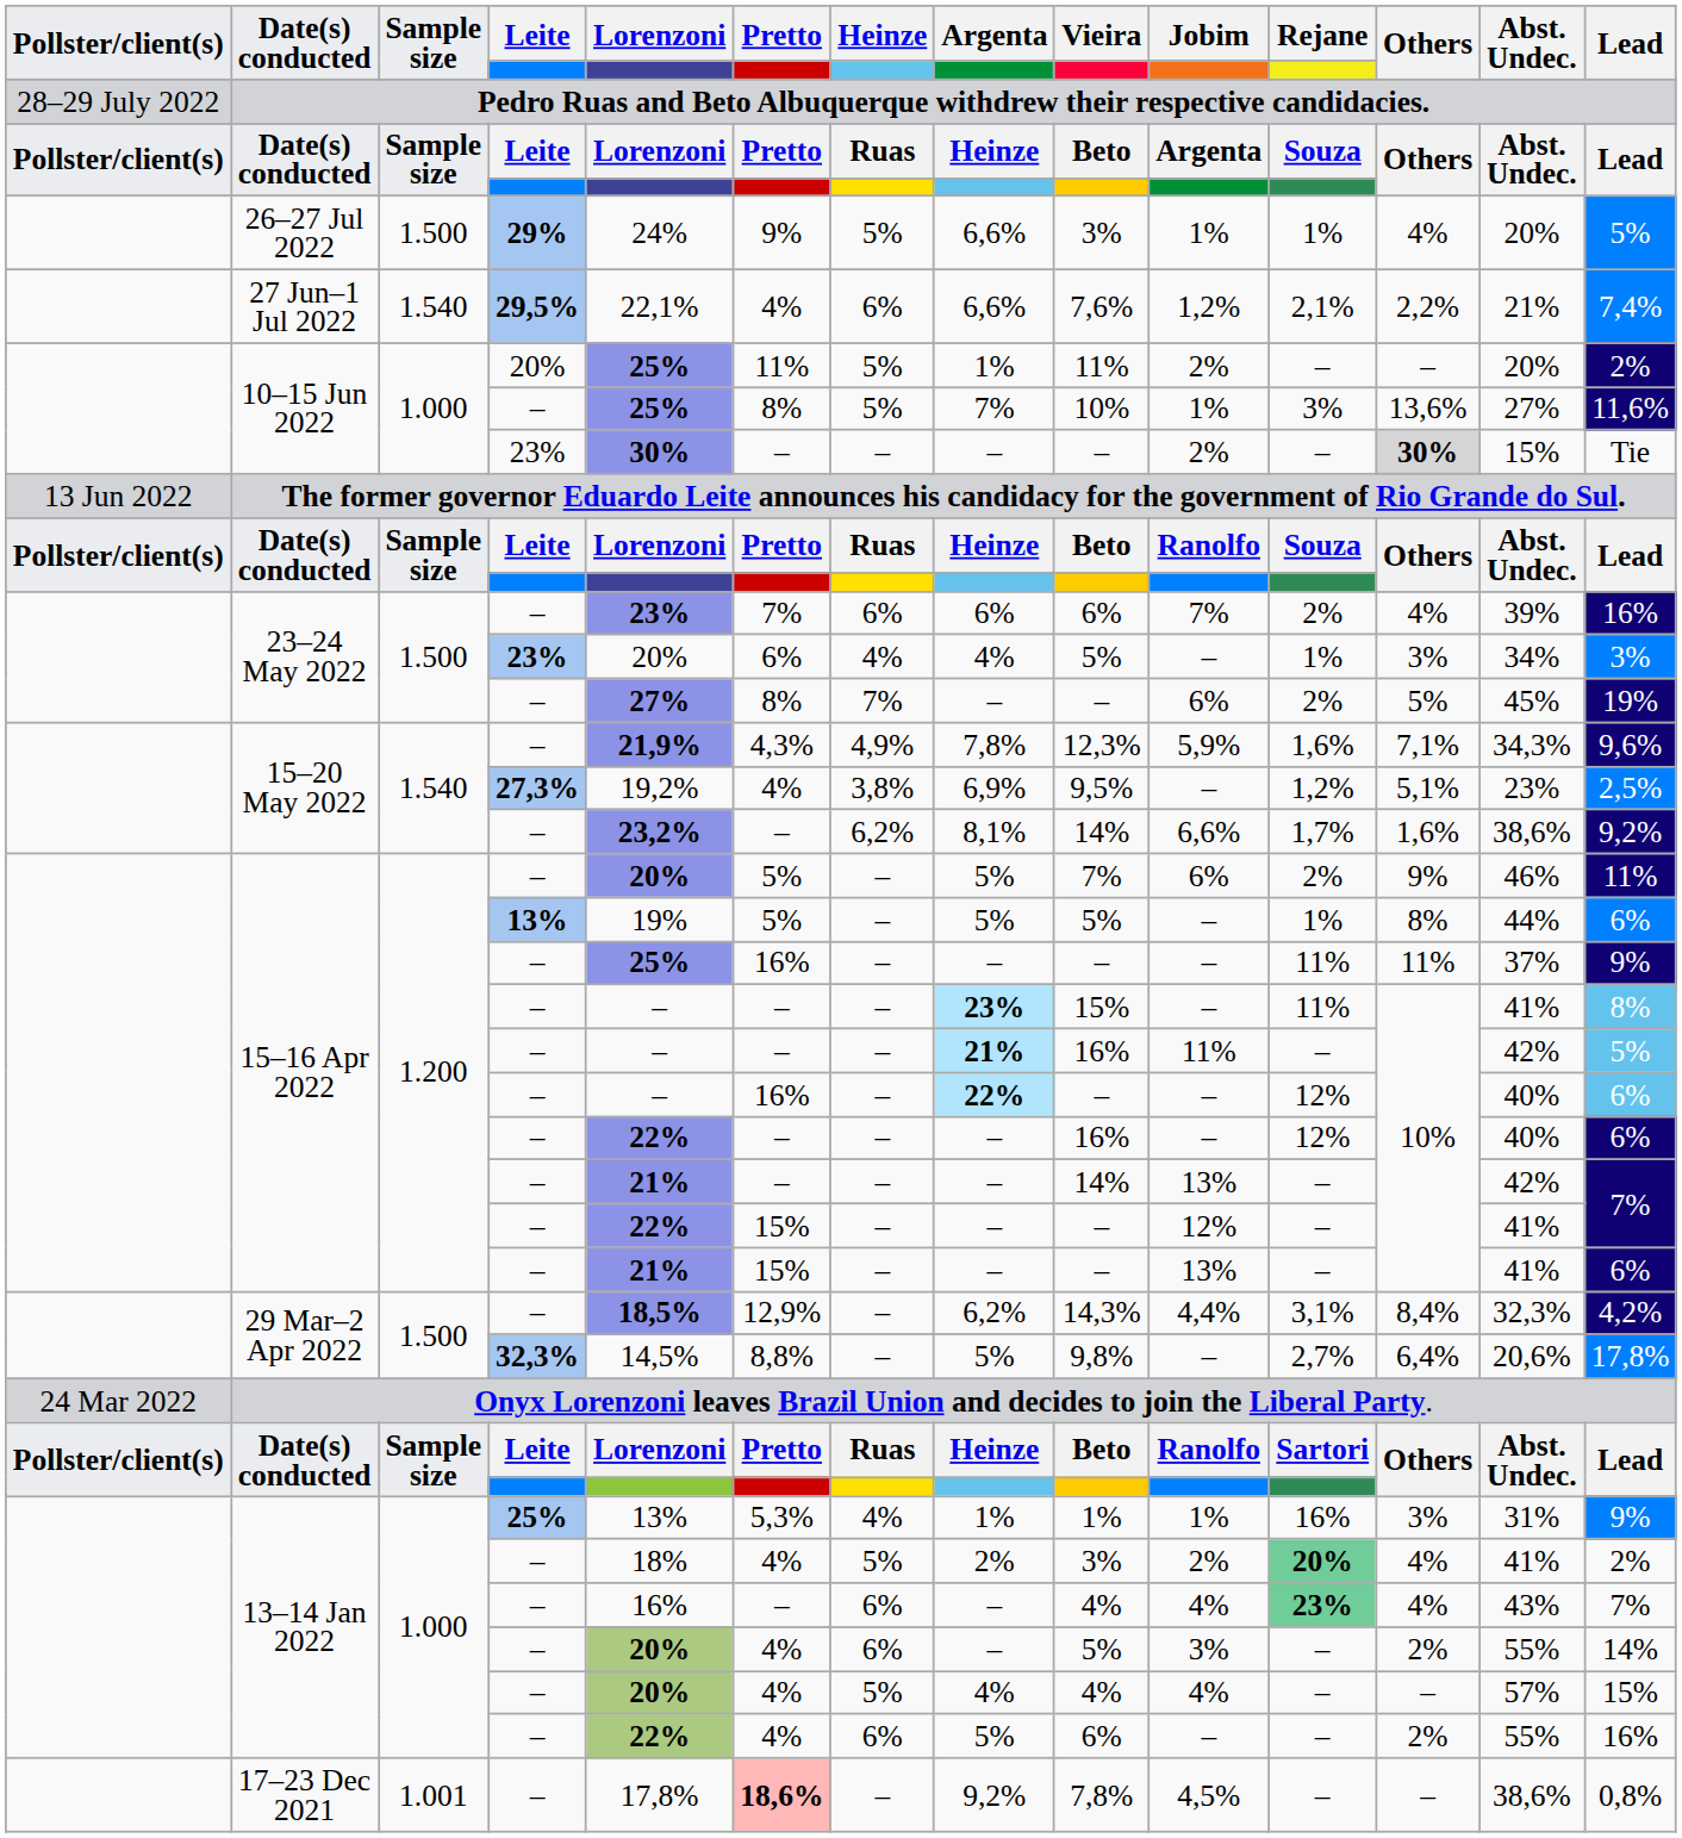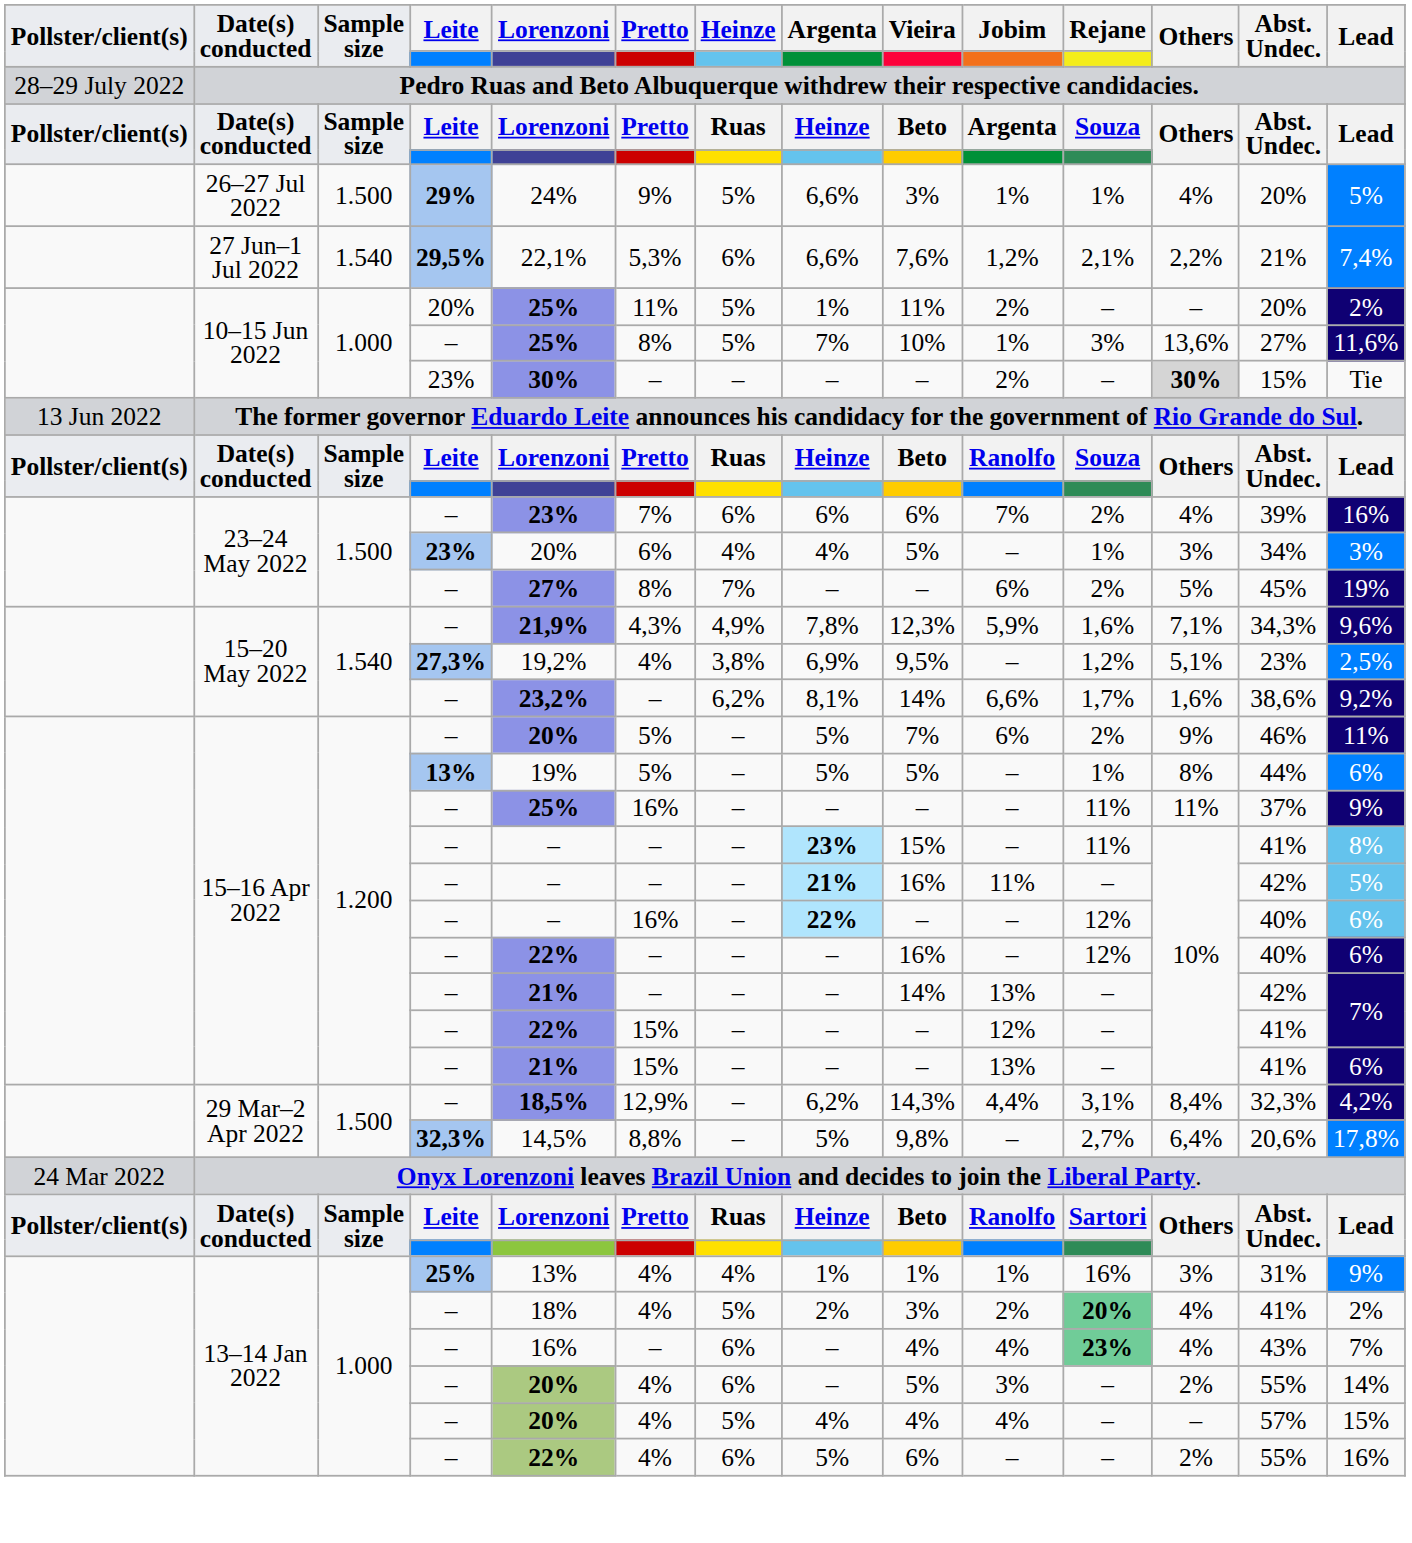 <table class="wikitable sortable" style="text-align:center;font-size:90%;line-height:14px;">
 <tr>
 <td rowspan="2" class="unsortable" style="width:50px;background:#eaecf0;"><strong>Pollster/client(s)</strong></td>
 <td rowspan="2" class="unsortable" style="width:50px;background:#eaecf0;"><strong>Date(s)<br>conducted</strong></td>
 <td rowspan="2" class="unsortable" style="width:50px;background:#eaecf0;"><strong>Sample<br> size</strong></td>
 <th class="unsortable" style="width:50px;"><a href='#'>Leite</a><br></th>
 <th class="unsortable" style="width:50px;"><a href='#'>Lorenzoni</a><br></th>
 <th class="unsortable" style="width:50px;"><a href='#'>Pretto</a><br></th>
 <th class="unsortable" style="width:50px;"><a href='#'>Heinze</a><br></th>
 <th class="unsortable" style="width:50px;">Argenta<br></th>
 <th class="unsortable" style="width:50px;">Vieira<br></th>
 <th class="unsortable" style="width:50px;">Jobim<br></th>
 <th class="unsortable" style="width:50px;">Rejane<br></th>
 <th rowspan="2" class="unsortable">Others</th>
 <th rowspan="2" class="unsortable">Abst.<br>Undec.</th>
 <th rowspan="2" class="unsortable">Lead</th>
 </tr>
 <tr>
 <th data-sort-type="number" class="sortable" style="background:#0080FF;"></th>
 <th data-sort-type="number" class="sortable" style="background:#3F4196;"></th>
 <th data-sort-type="number" class="sortable" style="background:#CC0000;"></th>
 <th data-sort-type="number" class="sortable" style="background:#64C3ED;"></th>
 <th data-sort-type="number" class="sortable" style="background:#009038;"></th>
 <th data-sort-type="number" class="sortable" style="background:#FD013A;"></th>
 <th data-sort-type="number" class="sortable" style="background:#f3701b;"></th>
 <th data-sort-type="number" class="sortable" style="background:#f4ed1b;"></th>
 </tr>
 <tr>
 <td style="background:#d1d3d7;">28–29 July 2022</td>
 <td colspan="13" style="background:#d1d3d7;"><strong>Pedro Ruas and Beto Albuquerque withdrew their respective candidacies.</strong> </td>
 </tr>
 <tr>
 <td rowspan="2" class="unsortable" style="width:50px;background:#eaecf0;"><strong>Pollster/client(s)</strong></td>
 <td rowspan="2" class="unsortable" style="width:50px;background:#eaecf0;"><strong>Date(s)<br>conducted</strong></td>
 <td rowspan="2" class="unsortable" style="width:50px;background:#eaecf0;"><strong>Sample<br> size</strong></td>
 <th class="unsortable" style="width:50px;"><a href='#'>Leite</a><br></th>
 <th class="unsortable" style="width:50px;"><a href='#'>Lorenzoni</a><br></th>
 <th class="unsortable" style="width:50px;"><a href='#'>Pretto</a><br></th>
 <th class="unsortable" style="width:50px;">Ruas<br></th>
 <th class="unsortable" style="width:50px;"><a href='#'>Heinze</a><br></th>
 <th class="unsortable" style="width:50px;">Beto<br></th>
 <th class="unsortable" style="width:50px;">Argenta<br></th>
 <th class="unsortable" style="width:50px;"><a href='#'>Souza</a><br></th>
 <th rowspan="2" class="unsortable">Others</th>
 <th rowspan="2" class="unsortable">Abst.<br>Undec.</th>
 <th rowspan="2" class="unsortable">Lead</th>
 </tr>
 <tr>
 <th data-sort-type="number" class="sortable" style="background:#0080FF;"></th>
 <th data-sort-type="number" class="sortable" style="background:#3F4196;"></th>
 <th data-sort-type="number" class="sortable" style="background:#CC0000;"></th>
 <th data-sort-type="number" class="sortable" style="background:#FFE000;"></th>
 <th data-sort-type="number" class="sortable" style="background:#64C3ED;"></th>
 <th data-sort-type="number" class="sortable" style="background:#ffcc00;"></th>
 <th data-sort-type="number" class="sortable" style="background:#009038;"></th>
 <th data-sort-type="number" class="sortable" style="background:#2E8B57;"></th>
 </tr>
 <tr>
 <td></td>
 <td>26–27 Jul 2022</td>
 <td>1.500</td>
 <td style="background:#a5c6f0;"><strong>29%</strong></td>
 <td>24%</td>
 <td>9%</td>
 <td>5%</td>
 <td>6,6%</td>
 <td>3%</td>
 <td>1%</td>
 <td>1%</td>
 <td>4%</td>
 <td>20%</td>
 <td style="background:#0080FF;color:#FFFFFF;">5%</td>
 </tr>
 <tr>
 <td></td>
 <td>27 Jun–1 Jul 2022</td>
 <td>1.540</td>
 <td style="background:#a5c6f0;"><strong>29,5%</strong></td>
 <td>22,1%</td>
-<td>4%</td>
+<td>5,3%</td>
 <td>6%</td>
 <td>6,6%</td>
 <td>7,6%</td>
 <td>1,2%</td>
 <td>2,1%</td>
 <td>2,2%</td>
 <td>21%</td>
 <td style="background:#0080FF;color:#FFFFFF;">7,4%</td>
 </tr>
 <tr>
 <td rowspan="3"></td>
 <td rowspan="3">10–15 Jun 2022</td>
 <td rowspan="3">1.000</td>
 <td>20%</td>
 <td style="background:#8c92e6;"><strong>25%</strong></td>
 <td>11%</td>
 <td>5%</td>
 <td>1%</td>
 <td>11%</td>
 <td>2%</td>
 <td>–</td>
 <td>–</td>
 <td>20%</td>
 <td style="background:#0F0073;color:#FFFFFF;">2%</td>
 </tr>
 <tr>
 <td>–</td>
 <td style="background:#8c92e6;"><strong>25%</strong></td>
 <td>8%</td>
 <td>5%</td>
 <td>7%</td>
 <td>10%</td>
 <td>1%</td>
 <td>3%</td>
 <td>13,6%</td>
 <td>27%</td>
 <td style="background:#0F0073;color:#FFFFFF;">11,6%</td>
 </tr>
 <tr>
 <td>23%</td>
 <td style="background:#8c92e6;"><strong>30%</strong></td>
 <td>–</td>
 <td>–</td>
 <td>–</td>
 <td>–</td>
 <td>2%</td>
 <td>–</td>
 <td style="background:#D5D5D5;"><strong>30%</strong></td>
 <td>15%</td>
 <td>Tie</td>
 </tr>
 <tr>
 <td style="background:#d1d3d7;">13 Jun 2022</td>
 <td colspan="13" style="background:#d1d3d7;"><strong>The former governor <a href='#'>Eduardo Leite</a> announces his candidacy for the government of <a href='#'>Rio Grande do Sul</a>.</strong></td>
 </tr>
 <tr>
 <td rowspan="2" class="unsortable" style="width:50px;background:#eaecf0;"><strong>Pollster/client(s)</strong></td>
 <td rowspan="2" class="unsortable" style="width:50px;background:#eaecf0;"><strong>Date(s)<br>conducted</strong></td>
 <td rowspan="2" class="unsortable" style="width:50px;background:#eaecf0;"><strong>Sample<br> size</strong></td>
 <th class="unsortable" style="width:50px;"><a href='#'>Leite</a><br></th>
 <th class="unsortable" style="width:50px;"><a href='#'>Lorenzoni</a><br></th>
 <th class="unsortable" style="width:50px;"><a href='#'>Pretto</a><br></th>
 <th class="unsortable" style="width:50px;">Ruas<br></th>
 <th class="unsortable" style="width:50px;"><a href='#'>Heinze</a><br></th>
 <th class="unsortable" style="width:50px;">Beto<br></th>
 <th class="unsortable" style="width:50px;"><a href='#'>Ranolfo</a><br></th>
 <th class="unsortable" style="width:50px;"><a href='#'>Souza</a><br></th>
 <th rowspan="2" class="unsortable">Others</th>
 <th rowspan="2" class="unsortable">Abst.<br>Undec.</th>
 <th rowspan="2" data-sort-type="number">Lead</th>
 </tr>
 <tr>
 <th data-sort-type="number" class="sortable" style="background:#0080FF;"></th>
 <th data-sort-type="number" class="sortable" style="background:#3F4196;"></th>
 <th data-sort-type="number" class="sortable" style="background:#CC0000;"></th>
 <th data-sort-type="number" class="sortable" style="background:#FFE000;"></th>
 <th data-sort-type="number" class="sortable" style="background:#64C3ED;"></th>
 <th data-sort-type="number" class="sortable" style="background:#ffcc00;"></th>
 <th data-sort-type="number" class="sortable" style="background:#0080FF;"></th>
 <th data-sort-type="number" class="sortable" style="background:#2E8B57;"></th>
 </tr>
 <tr>
 <td rowspan="3"></td>
 <td rowspan="3">23–24 May 2022</td>
 <td rowspan="3">1.500</td>
 <td>–</td>
 <td style="background:#8c92e6;"><strong>23%</strong></td>
 <td>7%</td>
 <td>6%</td>
 <td>6%</td>
 <td>6%</td>
 <td>7%</td>
 <td>2%</td>
 <td>4%</td>
 <td>39%</td>
 <td style="background:#0F0073;color:#FFFFFF;">16%</td>
 </tr>
 <tr>
 <td style="background:#a5c6f0;"><strong>23%</strong></td>
 <td>20%</td>
 <td>6%</td>
 <td>4%</td>
 <td>4%</td>
 <td>5%</td>
 <td>–</td>
 <td>1%</td>
 <td>3%</td>
 <td>34%</td>
 <td style="background:#0080FF;color:#FFFFFF;">3%</td>
 </tr>
 <tr>
 <td>–</td>
 <td style="background:#8c92e6;"><strong>27%</strong></td>
 <td>8%</td>
 <td>7%</td>
 <td>–</td>
 <td>–</td>
 <td>6%</td>
 <td>2%</td>
 <td>5%</td>
 <td>45%</td>
 <td style="background:#0F0073;color:#FFFFFF;">19%</td>
 </tr>
 <tr>
 <td rowspan="3"></td>
 <td rowspan="3">15–20 May 2022</td>
 <td rowspan="3">1.540</td>
 <td>–</td>
 <td style="background:#8c92e6;"><strong>21,9%</strong></td>
 <td>4,3%</td>
 <td>4,9%</td>
 <td>7,8%</td>
 <td>12,3%</td>
 <td>5,9%</td>
 <td>1,6%</td>
 <td>7,1%</td>
 <td>34,3%</td>
 <td style="background:#0F0073;color:#FFFFFF;">9,6%</td>
 </tr>
 <tr>
 <td style="background:#a5c6f0;"><strong>27,3%</strong></td>
 <td>19,2%</td>
 <td>4%</td>
 <td>3,8%</td>
 <td>6,9%</td>
 <td>9,5%</td>
 <td>–</td>
 <td>1,2%</td>
 <td>5,1%</td>
 <td>23%</td>
 <td style="background:#0080FF;color:#FFFFFF;">2,5%</td>
 </tr>
 <tr>
 <td>–</td>
 <td style="background:#8c92e6;"><strong>23,2%</strong></td>
 <td>–</td>
 <td>6,2%</td>
 <td>8,1%</td>
 <td>14%</td>
 <td>6,6%</td>
 <td>1,7%</td>
 <td>1,6%</td>
 <td>38,6%</td>
 <td style="background:#0F0073;color:#FFFFFF;">9,2%</td>
 </tr>
 <tr>
 <td rowspan="10"></td>
 <td rowspan="10">15–16 Apr 2022</td>
 <td rowspan="10">1.200</td>
 <td>–</td>
 <td style="background:#8c92e6;"><strong>20%</strong></td>
 <td>5%</td>
 <td>–</td>
 <td>5%</td>
 <td>7%</td>
 <td>6%</td>
 <td>2%</td>
 <td>9%</td>
 <td>46%</td>
 <td style="background:#0F0073;color:#FFFFFF;">11%</td>
 </tr>
 <tr>
 <td style="background:#a5c6f0;"><strong>13%</strong></td>
 <td>19%</td>
 <td>5%</td>
 <td>–</td>
 <td>5%</td>
 <td>5%</td>
 <td>–</td>
 <td>1%</td>
 <td>8%</td>
 <td>44%</td>
 <td style="background:#0080FF;color:#FFFFFF;">6%</td>
 </tr>
 <tr>
 <td>–</td>
 <td style="background:#8c92e6;"><strong>25%</strong></td>
 <td>16%</td>
 <td>–</td>
 <td>–</td>
 <td>–</td>
 <td>–</td>
 <td>11%</td>
 <td>11%</td>
 <td>37%</td>
 <td style="background:#0F0073;color:#FFFFFF;">9%</td>
 </tr>
 <tr>
 <td>–</td>
 <td>–</td>
 <td>–</td>
 <td>–</td>
 <td style="background:#b0e5fd;"><strong>23%</strong></td>
 <td>15%</td>
 <td>–</td>
 <td>11%</td>
 <td rowspan="7">10%</td>
 <td>41%</td>
 <td style="background:#64C3ED;color:#FFFFFF;">8%</td>
 </tr>
 <tr>
 <td>–</td>
 <td>–</td>
 <td>–</td>
 <td>–</td>
 <td style="background:#b0e5fd;"><strong>21%</strong></td>
 <td>16%</td>
 <td>11%</td>
 <td>–</td>
 <td>42%</td>
 <td style="background:#64C3ED;color:#FFFFFF;">5%</td>
 </tr>
 <tr>
 <td>–</td>
 <td>–</td>
 <td>16%</td>
 <td>–</td>
 <td style="background:#b0e5fd;"><strong>22%</strong></td>
 <td>–</td>
 <td>–</td>
 <td>12%</td>
 <td>40%</td>
 <td style="background:#64C3ED;color:#FFFFFF;">6%</td>
 </tr>
 <tr>
 <td>–</td>
 <td style="background:#8c92e6;"><strong>22%</strong></td>
 <td>–</td>
 <td>–</td>
 <td>–</td>
 <td>16%</td>
 <td>–</td>
 <td>12%</td>
 <td>40%</td>
 <td style="background:#0F0073;color:#FFFFFF;">6%</td>
 </tr>
 <tr>
 <td>–</td>
 <td style="background:#8c92e6;"><strong>21%</strong></td>
 <td>–</td>
 <td>–</td>
 <td>–</td>
 <td>14%</td>
 <td>13%</td>
 <td>–</td>
 <td>42%</td>
 <td rowspan="2" style="background:#0F0073;color:#FFFFFF;">7%</td>
 </tr>
 <tr>
 <td>–</td>
 <td style="background:#8c92e6;"><strong>22%</strong></td>
 <td>15%</td>
 <td>–</td>
 <td>–</td>
 <td>–</td>
 <td>12%</td>
 <td>–</td>
 <td>41%</td>
 </tr>
 <tr>
 <td>–</td>
 <td style="background:#8c92e6;"><strong>21%</strong></td>
 <td>15%</td>
 <td>–</td>
 <td>–</td>
 <td>–</td>
 <td>13%</td>
 <td>–</td>
 <td>41%</td>
 <td style="background:#0F0073;color:#FFFFFF;">6%</td>
 </tr>
 <tr>
 <td rowspan="2"></td>
 <td rowspan="2">29 Mar–2 Apr 2022</td>
 <td rowspan="2">1.500</td>
 <td>–</td>
 <td style="background:#8c92e6;"><strong>18,5%</strong></td>
 <td>12,9%</td>
 <td>–</td>
 <td>6,2%</td>
 <td>14,3%</td>
 <td>4,4%</td>
 <td>3,1%</td>
 <td>8,4%</td>
 <td>32,3%</td>
 <td style="background:#0F0073;color:#FFFFFF;">4,2%</td>
 </tr>
 <tr>
 <td style="background:#a5c6f0;"><strong>32,3%</strong></td>
 <td>14,5%</td>
 <td>8,8%</td>
 <td>–</td>
 <td>5%</td>
 <td>9,8%</td>
 <td>–</td>
 <td>2,7%</td>
 <td>6,4%</td>
 <td>20,6%</td>
 <td style="background:#0080FF;color:#FFFFFF;">17,8%</td>
 </tr>
 <tr>
 <td data-sort-type="number" class="sortable" style="background:#d1d3d7;">24 Mar 2022</td>
 <td colspan="13" data-sort-type="number" class="sortable" style="background:#d1d3d7;"><strong><a href='#'>Onyx Lorenzoni</a> leaves</strong> <strong><a href='#'>Brazil Union</a> and decides to join the</strong> <a href='#'><strong>Liberal Party</strong></a>.</td>
 </tr>
 <tr>
 <td rowspan="2" class="unsortable" style="width:50px;background:#eaecf0;"><strong>Pollster/client(s)</strong></td>
 <td rowspan="2" class="unsortable" style="width:50px;background:#eaecf0;"><strong>Date(s)<br>conducted</strong></td>
 <td rowspan="2" class="unsortable" style="width:50px;background:#eaecf0;"><strong>Sample<br> size</strong></td>
 <th class="unsortable" style="width:50px;"><a href='#'>Leite</a><br></th>
 <th class="unsortable" style="width:50px;"><a href='#'>Lorenzoni</a><br></th>
 <th class="unsortable" style="width:50px;"><a href='#'>Pretto</a><br></th>
 <th class="unsortable" style="width:50px;">Ruas<br></th>
 <th class="unsortable" style="width:50px;"><a href='#'>Heinze</a><br></th>
 <th class="unsortable" style="width:50px;">Beto<br></th>
 <th class="unsortable" style="width:50px;"><a href='#'>Ranolfo</a><br></th>
 <th class="unsortable" style="width:50px;"><a href='#'>Sartori</a><br></th>
 <th rowspan="2" class="unsortable">Others</th>
 <th rowspan="2" class="unsortable">Abst.<br>Undec.</th>
 <th rowspan="2" data-sort-type="number">Lead</th>
 </tr>
 <tr>
 <th data-sort-type="number" class="sortable" style="background:#0080FF;"></th>
 <th data-sort-type="number" class="sortable" style="background:#8CC63E;"></th>
 <th data-sort-type="number" class="sortable" style="background:#CC0000;"></th>
 <th data-sort-type="number" class="sortable" style="background:#FFE000;"></th>
 <th data-sort-type="number" class="sortable" style="background:#64C3ED;"></th>
 <th data-sort-type="number" class="sortable" style="background:#ffcc00;"></th>
 <th data-sort-type="number" class="sortable" style="background:#0080FF;"></th>
 <th data-sort-type="number" class="sortable" style="background:#2E8B57;"></th>
 </tr>
 <tr>
 <td rowspan="6"></td>
 <td rowspan="6">13–14 Jan 2022</td>
 <td rowspan="6">1.000</td>
 <td style="background:#a5c6f0;"><strong>25%</strong></td>
 <td>13%</td>
-<td>5,3%</td>
+<td>4%</td>
 <td>4%</td>
 <td>1%</td>
 <td>1%</td>
 <td>1%</td>
 <td>16%</td>
 <td>3%</td>
 <td>31%</td>
 <td style="background:#0080FF;color:#FFFFFF;">9%</td>
 </tr>
 <tr>
 <td>–</td>
 <td>18%</td>
 <td>4%</td>
 <td>5%</td>
 <td>2%</td>
 <td>3%</td>
 <td>2%</td>
 <td style="background:#70cc98;"><strong>20%</strong></td>
 <td>4%</td>
 <td>41%</td>
 <td style="background:">2%</td>
 </tr>
 <tr>
 <td>–</td>
 <td>16%</td>
 <td>–</td>
 <td>6%</td>
 <td>–</td>
 <td>4%</td>
 <td>4%</td>
 <td style="background:#70cc98;"><strong>23%</strong></td>
 <td>4%</td>
 <td>43%</td>
 <td style="background:">7%</td>
 </tr>
 <tr>
 <td>–</td>
 <td style="background:#abc981;"><strong>20%</strong></td>
 <td>4%</td>
 <td>6%</td>
 <td>–</td>
 <td>5%</td>
 <td>3%</td>
 <td>–</td>
 <td>2%</td>
 <td>55%</td>
 <td style="background:">14%</td>
 </tr>
 <tr>
 <td>–</td>
 <td style="background:#abc981;"><strong>20%</strong></td>
 <td>4%</td>
 <td>5%</td>
 <td>4%</td>
 <td>4%</td>
 <td>4%</td>
 <td>–</td>
 <td>–</td>
 <td>57%</td>
 <td style="background:">15%</td>
 </tr>
 <tr>
 <td>–</td>
 <td style="background:#abc981;"><strong>22%</strong></td>
 <td>4%</td>
 <td>6%</td>
 <td>5%</td>
 <td>6%</td>
 <td>–</td>
 <td>–</td>
 <td>2%</td>
 <td>55%</td>
 <td style="background:">16%</td>
 </tr>
-<tr>
-<td></td>
-<td>17–23 Dec 2021</td>
-<td>1.001</td>
-<td>–</td>
-<td>17,8%</td>
-<td style="background:#ffb7b7;"><strong>18,6%</strong></td>
-<td>–</td>
-<td>9,2%</td>
-<td>7,8%</td>
-<td>4,5%</td>
-<td>–</td>
-<td>–</td>
-<td>38,6%</td>
-<td style="background:">0,8%</td>
-</tr>
 </table>
